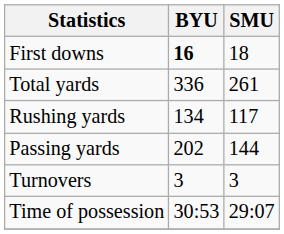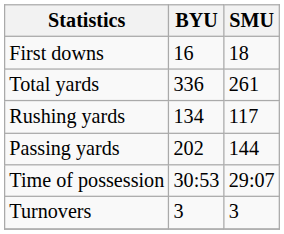 <table class="wikitable" style="float: left;">
 <tr>
 <th>Statistics</th>
 <th>BYU</th>
 <th>SMU</th>
 </tr>
 <tr>
 <td>First downs</td>
-<td><strong>16</strong></td>
+<td>16</td>
 <td>18</td>
 </tr>
 <tr>
 <td>Total yards</td>
 <td>336</td>
 <td>261</td>
 </tr>
 <tr>
 <td>Rushing yards</td>
 <td>134</td>
 <td>117</td>
 </tr>
 <tr>
 <td>Passing yards</td>
 <td>202</td>
 <td>144</td>
 </tr>
 <tr>
+<td>Time of possession</td>
+<td>30:53</td>
+<td>29:07</td>
+</tr>
+<tr>
 <td>Turnovers</td>
 <td>3</td>
 <td>3</td>
 </tr>
 <tr>
-<td>Time of possession</td>
-<td>30:53</td>
-<td>29:07</td>
-</tr>
-<tr>
 </tr>
 </table>
